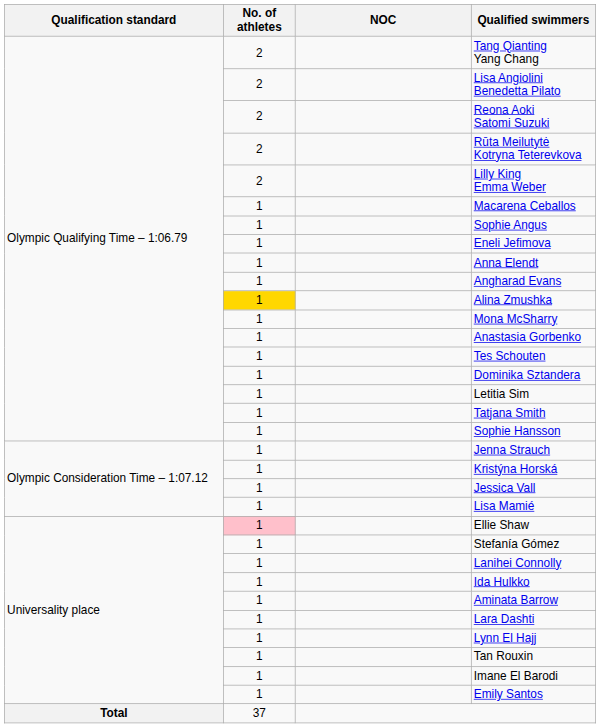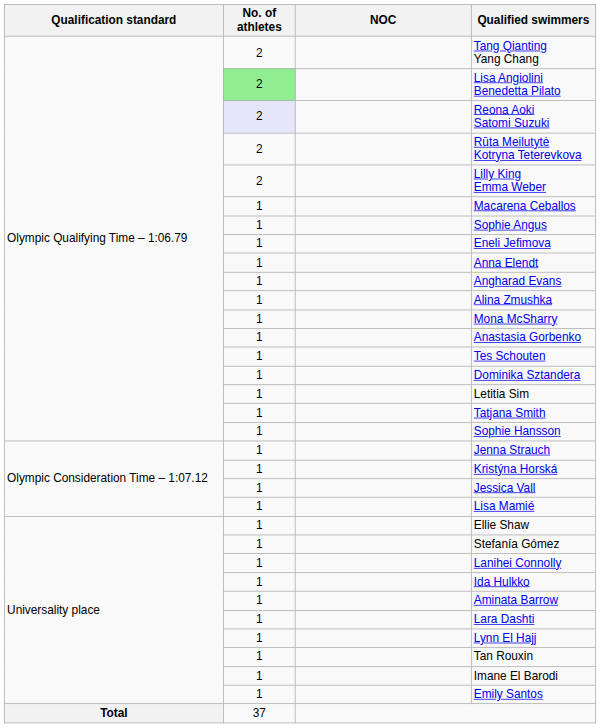 <table class=wikitable style="text-align:left" width=800>
 <tr>
 <th scope="col">Qualification standard</th>
 <th scope="col" width =90>No. of athletes</th>
 <th scope="col" width =230>NOC</th>
 <th scope="col">Qualified swimmers</th>
 </tr>
 <tr>
 <td rowspan=18>Olympic Qualifying Time – 1:06.79</td>
 <td align=center>2</td>
 <td></td>
 <td><a href='#'>Tang Qianting</a><br>Yang Chang</td>
 </tr>
 <tr>
-<td align=center>2</td>
+<td align=center style="background: lightgreen;">2</td>
 <td></td>
 <td><a href='#'>Lisa Angiolini</a><br><a href='#'>Benedetta Pilato</a></td>
 </tr>
 <tr>
-<td align=center>2</td>
+<td align=center style="background: lavender;">2</td>
 <td></td>
 <td><a href='#'>Reona Aoki</a><br><a href='#'>Satomi Suzuki</a></td>
 </tr>
 <tr>
 <td align=center>2</td>
 <td></td>
 <td><a href='#'>Rūta Meilutytė</a><br><a href='#'>Kotryna Teterevkova</a></td>
 </tr>
 <tr>
 <td align=center>2</td>
 <td></td>
 <td><a href='#'>Lilly King</a><br><a href='#'>Emma Weber</a></td>
 </tr>
 <tr>
 <td align=center>1</td>
 <td></td>
 <td><a href='#'>Macarena Ceballos</a></td>
 </tr>
 <tr>
 <td align=center>1</td>
 <td></td>
 <td><a href='#'>Sophie Angus</a></td>
 </tr>
 <tr>
 <td align=center>1</td>
 <td></td>
 <td><a href='#'>Eneli Jefimova</a></td>
 </tr>
 <tr>
 <td align=center>1</td>
 <td></td>
 <td><a href='#'>Anna Elendt</a></td>
 </tr>
 <tr>
 <td align=center>1</td>
 <td></td>
 <td><a href='#'>Angharad Evans</a></td>
 </tr>
 <tr>
-<td align=center style="background: gold;">1</td>
+<td align=center>1</td>
 <td></td>
 <td><a href='#'>Alina Zmushka</a></td>
 </tr>
 <tr>
 <td align=center>1</td>
 <td></td>
 <td><a href='#'>Mona McSharry</a></td>
 </tr>
 <tr>
 <td align=center>1</td>
 <td></td>
 <td><a href='#'>Anastasia Gorbenko</a></td>
 </tr>
 <tr>
 <td align=center>1</td>
 <td></td>
 <td><a href='#'>Tes Schouten</a></td>
 </tr>
 <tr>
 <td align=center>1</td>
 <td></td>
 <td><a href='#'>Dominika Sztandera</a></td>
 </tr>
 <tr>
 <td align=center>1</td>
 <td></td>
 <td>Letitia Sim</td>
 </tr>
 <tr>
 <td align=center>1</td>
 <td></td>
 <td><a href='#'>Tatjana Smith</a></td>
 </tr>
 <tr>
 <td align=center>1</td>
 <td></td>
 <td><a href='#'>Sophie Hansson</a></td>
 </tr>
 <tr>
 <td rowspan=4>Olympic Consideration Time – 1:07.12</td>
 <td align=center>1</td>
 <td></td>
 <td><a href='#'>Jenna Strauch</a></td>
 </tr>
 <tr>
 <td align=center>1</td>
 <td></td>
 <td><a href='#'>Kristýna Horská</a></td>
 </tr>
 <tr>
 <td align=center>1</td>
 <td></td>
 <td><a href='#'>Jessica Vall</a></td>
 </tr>
 <tr>
 <td align=center>1</td>
 <td></td>
 <td><a href='#'>Lisa Mamié</a></td>
 </tr>
 <tr>
 <td rowspan=10>Universality place</td>
-<td align=center style="background: pink;">1</td>
+<td align=center>1</td>
 <td></td>
 <td>Ellie Shaw</td>
 </tr>
 <tr>
 <td align=center>1</td>
 <td></td>
 <td>Stefanía Gómez</td>
 </tr>
 <tr>
 <td align=center>1</td>
 <td></td>
 <td><a href='#'>Lanihei Connolly</a></td>
 </tr>
 <tr>
 <td align=center>1</td>
 <td></td>
 <td><a href='#'>Ida Hulkko</a></td>
 </tr>
 <tr>
 <td align=center>1</td>
 <td></td>
 <td><a href='#'>Aminata Barrow</a></td>
 </tr>
 <tr>
 <td align=center>1</td>
 <td></td>
 <td><a href='#'>Lara Dashti</a></td>
 </tr>
 <tr>
 <td align=center>1</td>
 <td></td>
 <td><a href='#'>Lynn El Hajj</a></td>
 </tr>
 <tr>
 <td align=center>1</td>
 <td></td>
 <td>Tan Rouxin</td>
 </tr>
 <tr>
 <td align=center>1</td>
 <td></td>
 <td>Imane El Barodi</td>
 </tr>
 <tr>
 <td align=center>1</td>
 <td></td>
 <td><a href='#'>Emily Santos</a></td>
 </tr>
 <tr>
 <th scope="row">Total</th>
 <td align=center>37</td>
 <td colspan=2></td>
 </tr>
 </table>
